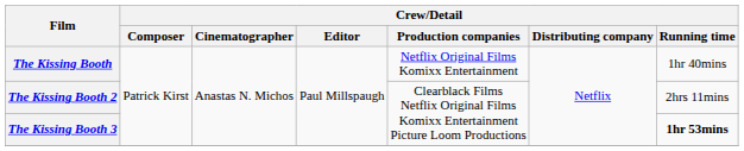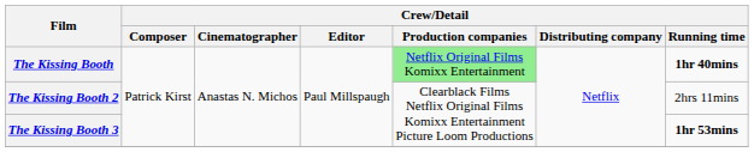 <table class="wikitable sortable" style="text-align:center;">
 <tr>
 <th rowspan="2">Film</th>
 <th colspan="7">Crew/Detail</th>
 </tr>
 <tr>
 <th>Composer</th>
 <th>Cinematographer</th>
 <th>Editor</th>
 <th>Production companies</th>
 <th>Distributing company</th>
 <th>Running time</th>
 </tr>
 <tr>
 <th><em><a href='#'>The Kissing Booth</a></em></th>
 <td rowspan="3">Patrick Kirst</td>
 <td rowspan="3">Anastas N. Michos</td>
 <td rowspan="3">Paul Millspaugh</td>
-<td><a href='#'>Netflix Original Films</a><br>Komixx Entertainment</td>
+<td style="background: lightgreen;"><a href='#'>Netflix Original Films</a><br>Komixx Entertainment</td>
 <td rowspan="3"><a href='#'>Netflix</a></td>
-<td>1hr 40mins</td>
+<td><strong>1hr 40mins</strong></td>
 </tr>
 <tr>
 <th><em><a href='#'>The Kissing Booth 2</a></em></th>
 <td rowspan="2">Clearblack Films<br>Netflix Original Films<br>Komixx Entertainment<br>Picture Loom Productions</td>
 <td>2hrs 11mins</td>
 </tr>
 <tr>
 <th><em><a href='#'>The Kissing Booth 3</a></em></th>
 <td><strong>1hr 53mins</strong></td>
 </tr>
 <tr>
 </tr>
 </table>
